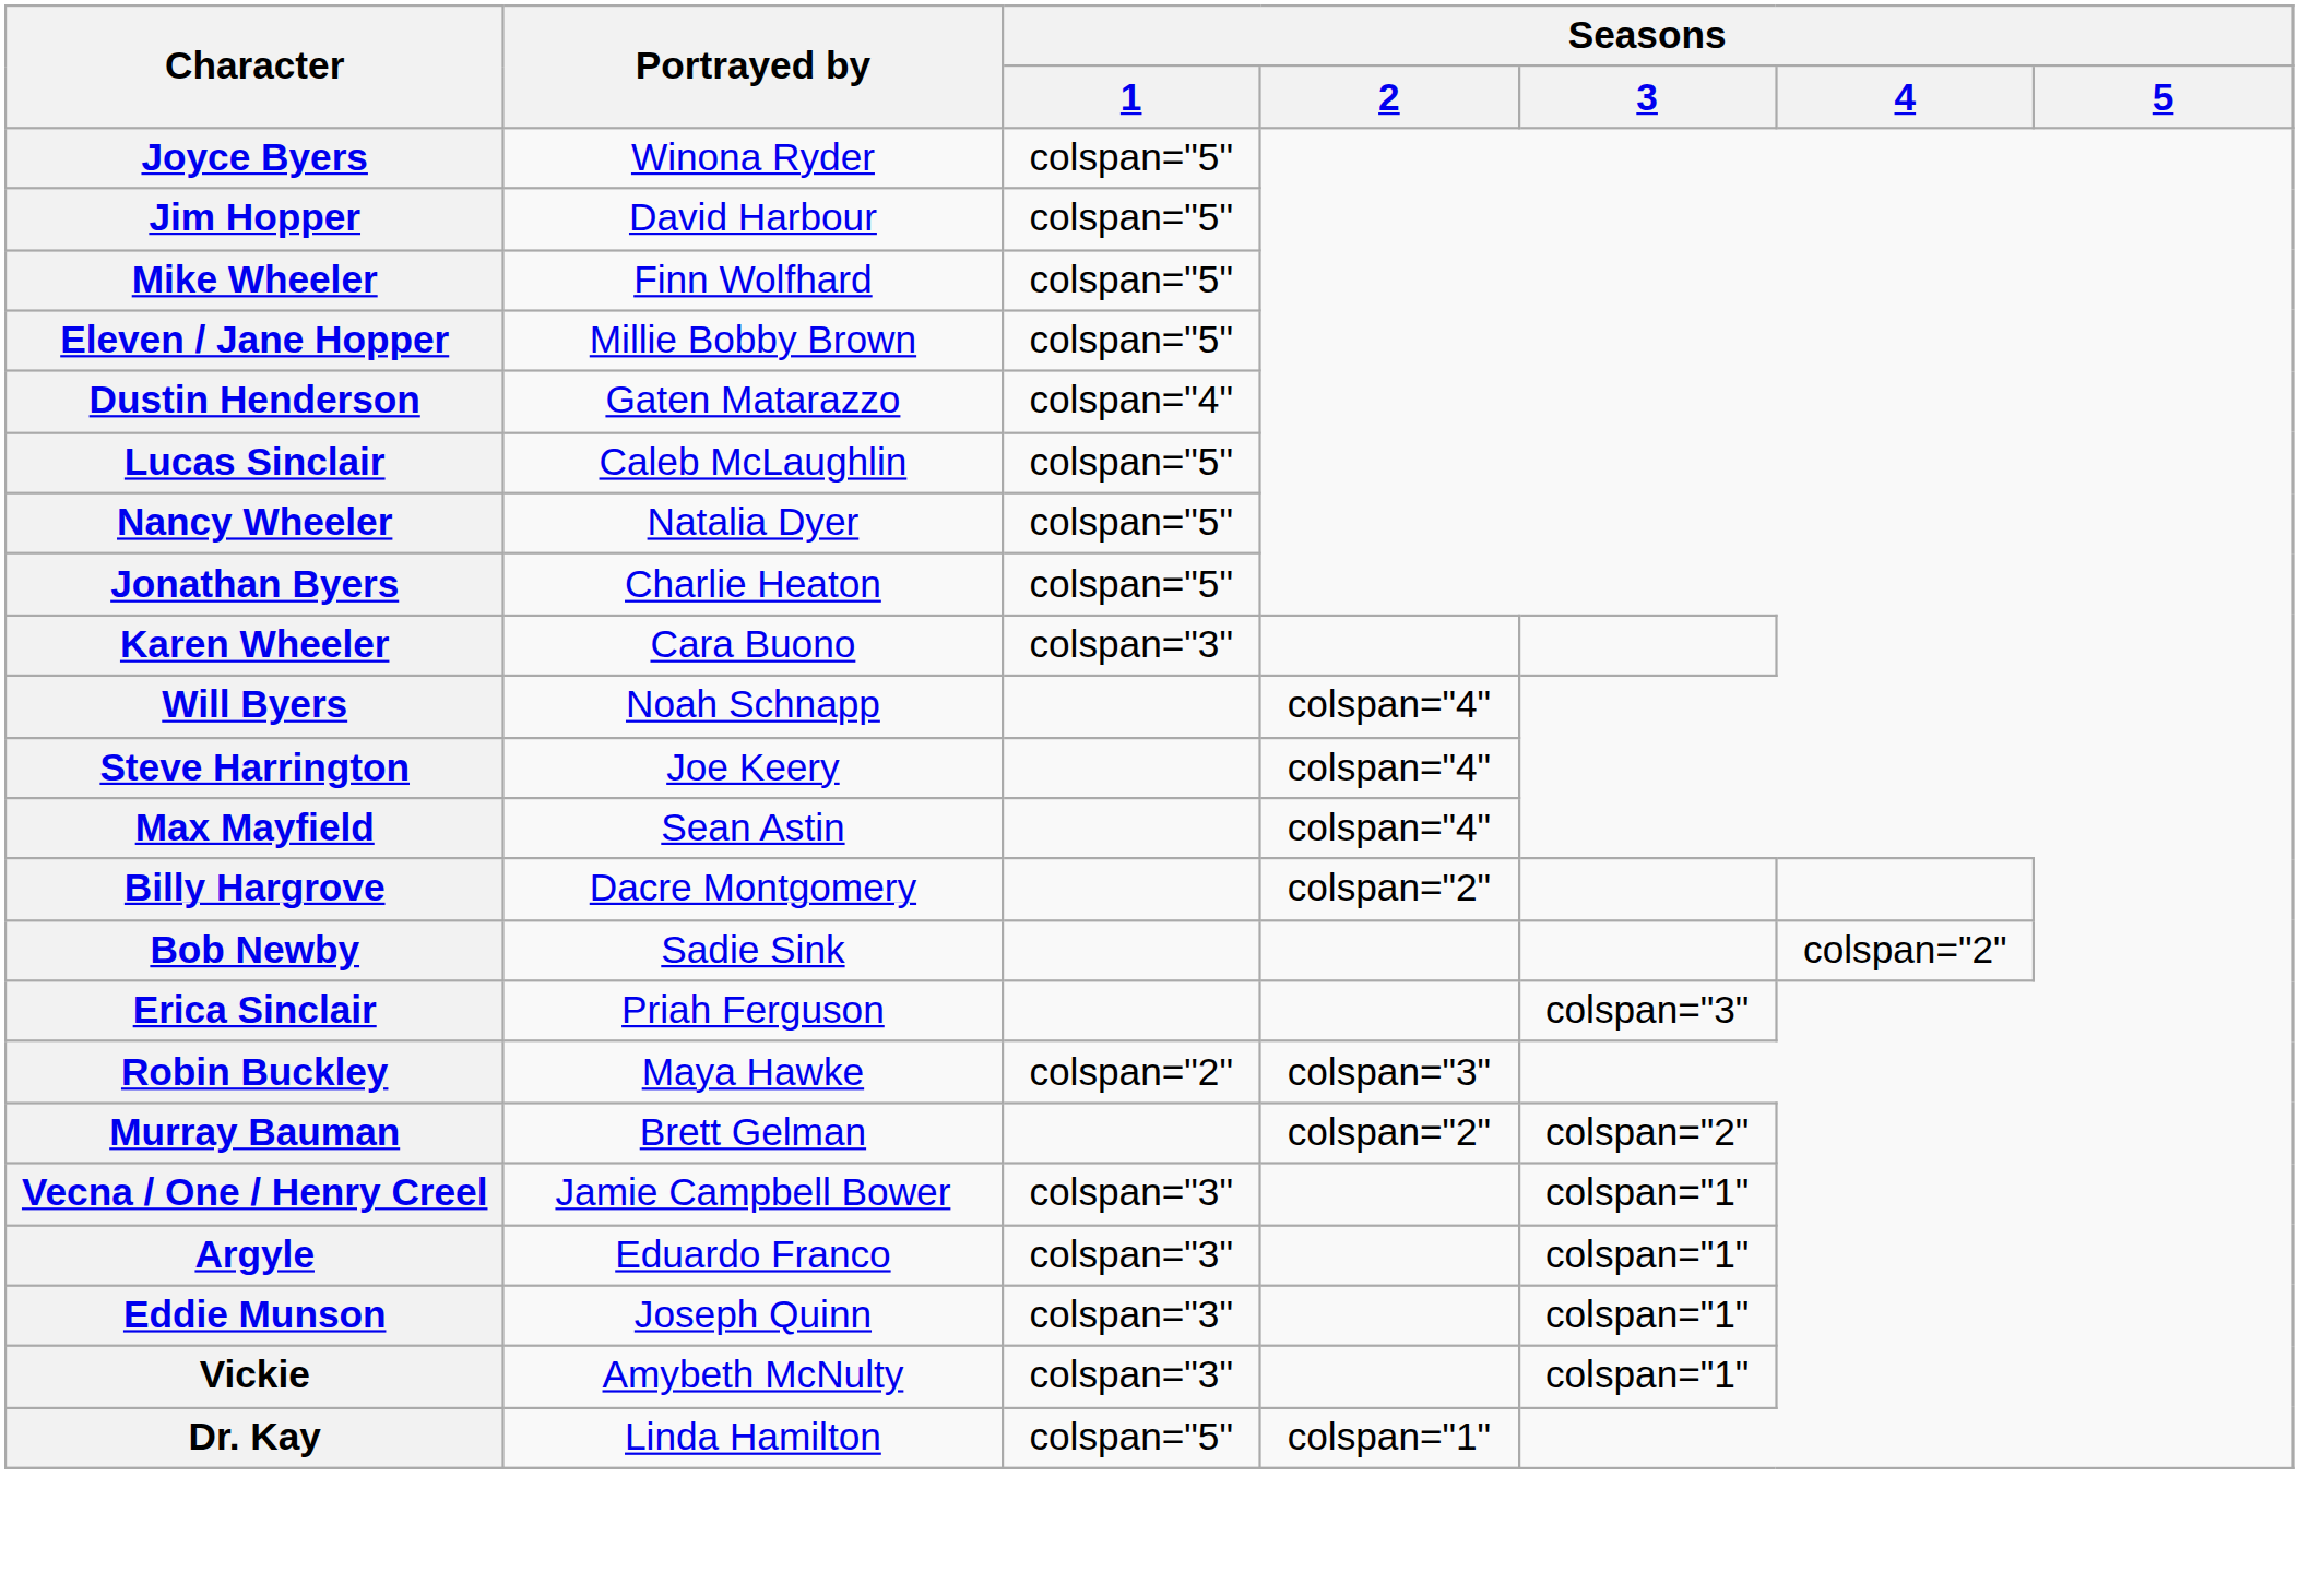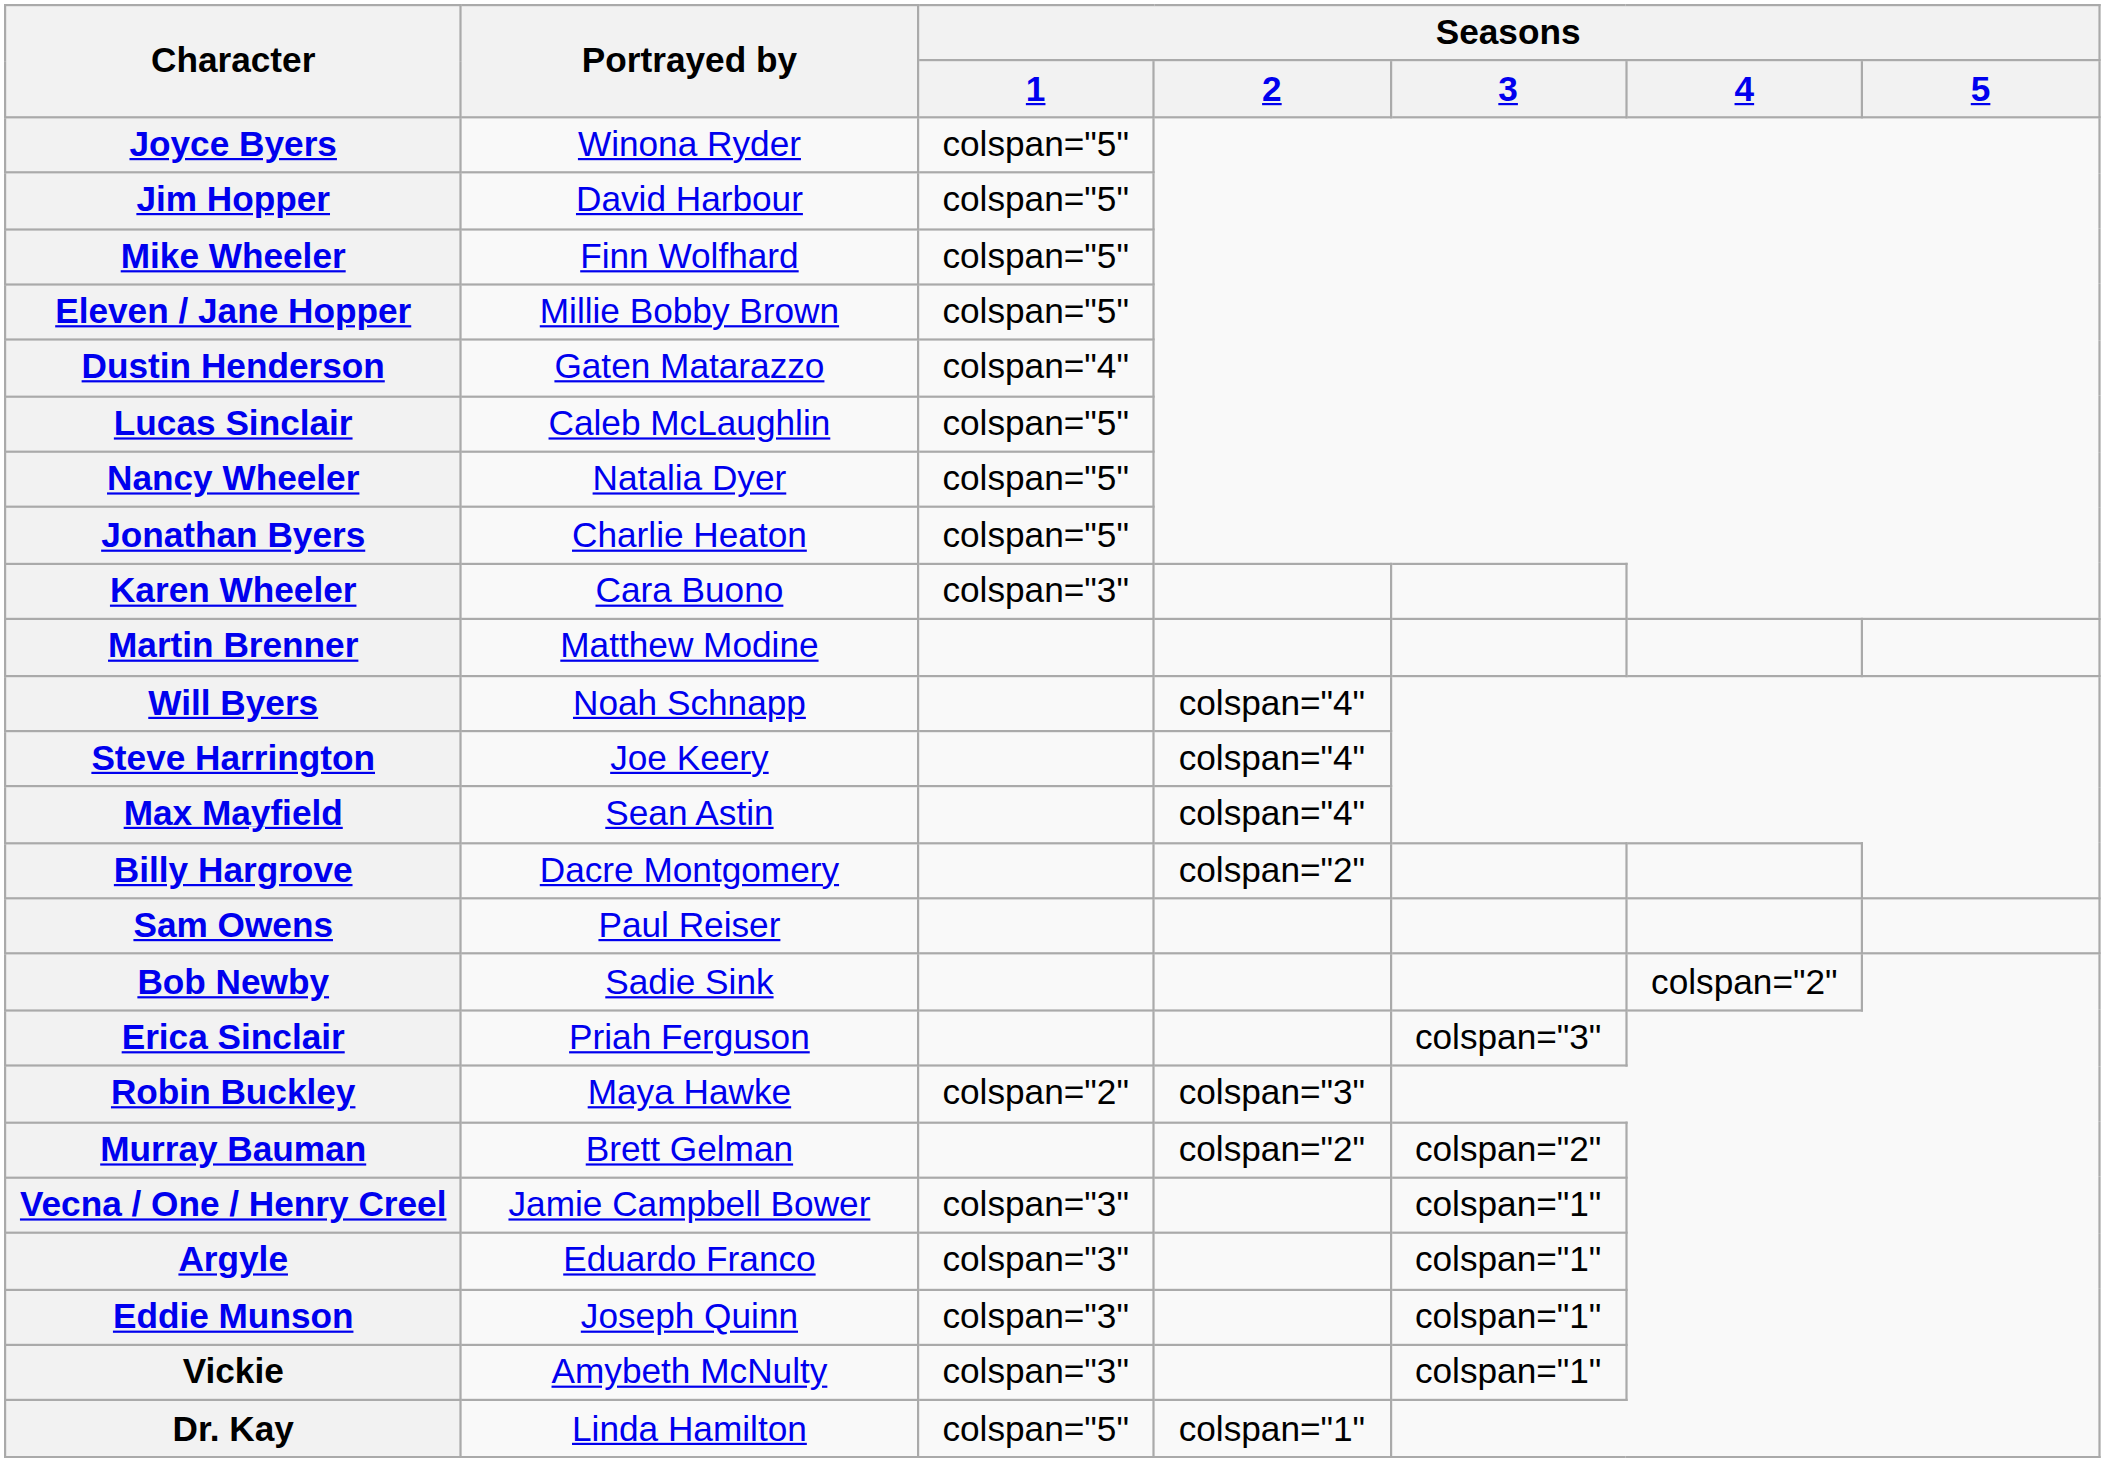 <table class="wikitable plainrowheaders" style="text-align:center">
 <tr>
 <th scope="col" rowspan="2" style="width:200px;">Character</th>
 <th scope="col" rowspan="2" style="width:200px;">Portrayed by</th>
 <th scope="col" colspan="5">Seasons</th>
 </tr>
 <tr>
 <th scope="col" style="width:100px;"><a href='#'>1</a></th>
 <th scope="col" style="width:100px;"><a href='#'>2</a></th>
 <th scope="col" style="width:100px;"><a href='#'>3</a></th>
 <th scope="col" style="width:100px;"><a href='#'>4</a></th>
 <th scope="col" style="width:100px;"><a href='#'>5</a></th>
 </tr>
 <tr>
 <th scope="row"><a href='#'>Joyce Byers</a></th>
 <td><a href='#'>Winona Ryder</a></td>
 <td>colspan="5" </td>
 </tr>
 <tr>
 <th scope="row"><a href='#'>Jim Hopper</a></th>
 <td><a href='#'>David Harbour</a></td>
 <td>colspan="5" </td>
 </tr>
 <tr>
 <th scope="row"><a href='#'>Mike Wheeler</a></th>
 <td><a href='#'>Finn Wolfhard</a></td>
 <td>colspan="5" </td>
 </tr>
 <tr>
 <th scope="row"><a href='#'>Eleven / Jane Hopper</a></th>
 <td><a href='#'>Millie Bobby Brown</a></td>
 <td>colspan="5" </td>
 </tr>
 <tr>
 <th scope="row"><a href='#'>Dustin Henderson</a></th>
 <td><a href='#'>Gaten Matarazzo</a></td>
 <td>colspan="4" </td>
 </tr>
 <tr>
 <th scope="row"><a href='#'>Lucas Sinclair</a></th>
 <td><a href='#'>Caleb McLaughlin</a></td>
 <td>colspan="5" </td>
 </tr>
 <tr>
 <th scope="row"><a href='#'>Nancy Wheeler</a></th>
 <td><a href='#'>Natalia Dyer</a></td>
 <td>colspan="5" </td>
 </tr>
 <tr>
 <th scope="row"><a href='#'>Jonathan Byers</a></th>
 <td><a href='#'>Charlie Heaton</a></td>
 <td>colspan="5" </td>
 </tr>
 <tr>
 <th scope="row"><a href='#'>Karen Wheeler</a></th>
 <td><a href='#'>Cara Buono</a></td>
 <td>colspan="3" </td>
 <td></td>
 <td></td>
 </tr>
 <tr>
+<th scope="row"><a href='#'>Martin Brenner</a></th>
+<td><a href='#'>Matthew Modine</a></td>
+<td></td>
+<td></td>
+<td></td>
+<td></td>
+<td></td>
+</tr>
+<tr>
 <th scope="row"><a href='#'>Will Byers</a></th>
 <td><a href='#'>Noah Schnapp</a></td>
 <td></td>
 <td>colspan="4" </td>
 </tr>
 <tr>
 <th scope="row"><a href='#'>Steve Harrington</a></th>
 <td><a href='#'>Joe Keery</a></td>
 <td></td>
 <td>colspan="4" </td>
 </tr>
 <tr>
 <th scope="row"><a href='#'>Max Mayfield</a></th>
 <td><a href='#'>Sean Astin</a></td>
 <td></td>
 <td>colspan="4" </td>
 </tr>
 <tr>
 <th scope="row"><a href='#'>Billy Hargrove</a></th>
 <td><a href='#'>Dacre Montgomery</a></td>
 <td></td>
 <td>colspan="2"</td>
+<td></td>
+<td></td>
+</tr>
+<tr>
+<th scope="row"><a href='#'>Sam Owens</a></th>
+<td><a href='#'>Paul Reiser</a></td>
+<td></td>
+<td></td>
+<td></td>
 <td></td>
 <td></td>
 </tr>
 <tr>
 <th scope="row"><a href='#'>Bob Newby</a></th>
 <td><a href='#'>Sadie Sink</a></td>
 <td></td>
 <td></td>
 <td></td>
 <td>colspan="2"</td>
 </tr>
 <tr>
 <th scope="row"><a href='#'>Erica Sinclair</a></th>
 <td><a href='#'>Priah Ferguson</a></td>
 <td></td>
 <td></td>
 <td>colspan="3" </td>
 </tr>
 <tr>
 <th scope="row"><a href='#'>Robin Buckley</a></th>
 <td><a href='#'>Maya Hawke</a></td>
 <td>colspan="2" </td>
 <td>colspan="3" </td>
 </tr>
 <tr>
 <th scope="row"><a href='#'>Murray Bauman</a></th>
 <td><a href='#'>Brett Gelman</a></td>
 <td></td>
 <td>colspan="2" </td>
 <td>colspan="2" </td>
 </tr>
 <tr>
 <th scope="row"><a href='#'>Vecna / One / Henry Creel</a></th>
 <td><a href='#'>Jamie Campbell Bower</a></td>
 <td>colspan="3" </td>
 <td></td>
 <td>colspan="1" </td>
 </tr>
 <tr>
 <th scope="row"><a href='#'>Argyle</a></th>
 <td><a href='#'>Eduardo Franco</a></td>
 <td>colspan="3" </td>
 <td></td>
 <td>colspan="1" </td>
 </tr>
 <tr>
 <th scope="row"><a href='#'>Eddie Munson</a></th>
 <td><a href='#'>Joseph Quinn</a></td>
 <td>colspan="3"</td>
 <td></td>
 <td>colspan="1" </td>
 </tr>
 <tr>
 <th scope="row">Vickie</th>
 <td><a href='#'>Amybeth McNulty</a></td>
 <td>colspan="3" </td>
 <td></td>
 <td>colspan="1" </td>
 </tr>
 <tr>
 <th scope="row">Dr. Kay</th>
 <td><a href='#'>Linda Hamilton</a></td>
 <td>colspan="5" </td>
 <td>colspan="1" </td>
 </tr>
 <tr>
 </tr>
 </table>
